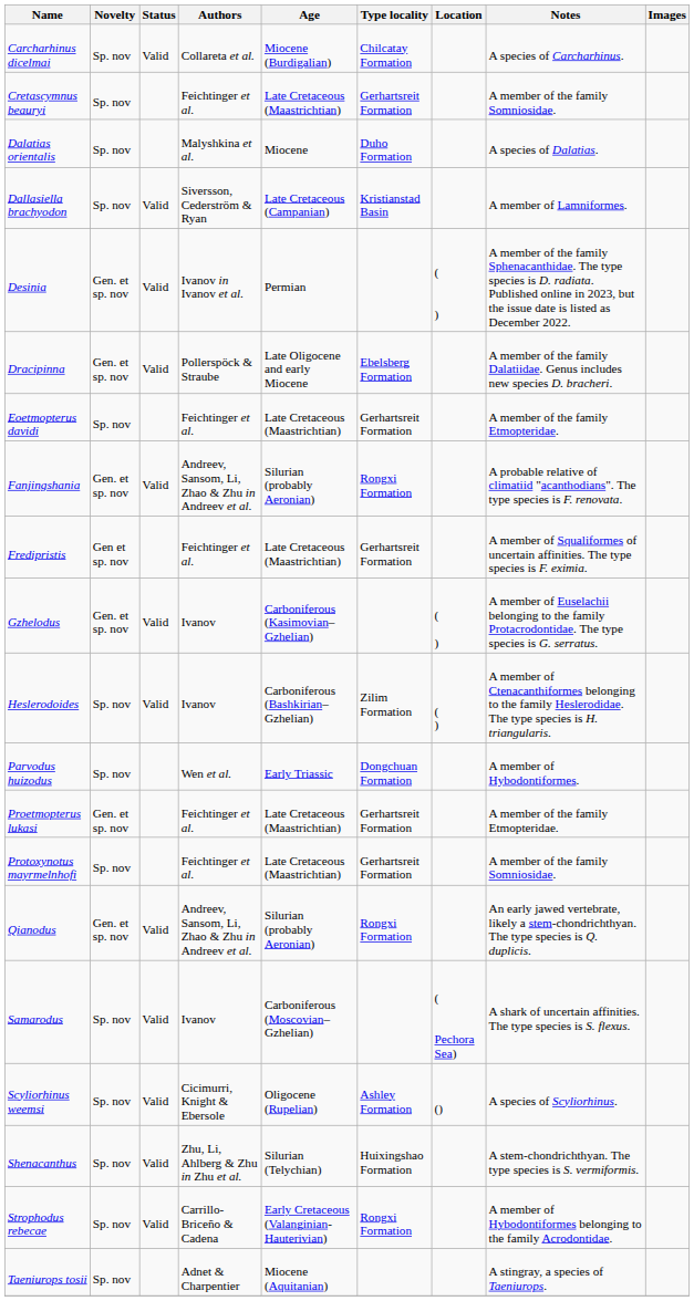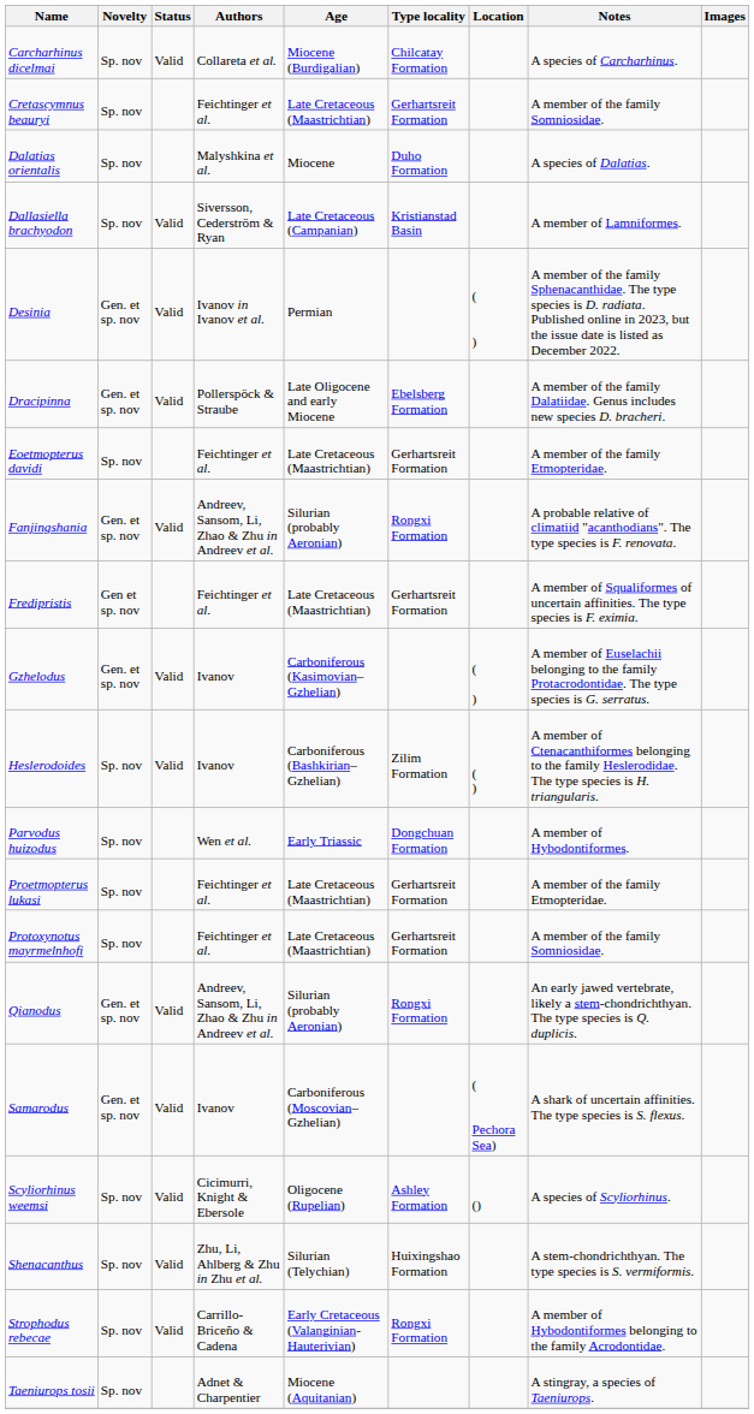 <table class="wikitable sortable" align="center" width="100%">
 <tr>
 <th>Name</th>
 <th>Novelty</th>
 <th>Status</th>
 <th>Authors</th>
 <th>Age</th>
 <th>Type locality</th>
 <th>Location</th>
 <th>Notes</th>
 <th>Images</th>
 </tr>
 <tr>
 <td><br><em><a href='#'>Carcharhinus dicelmai</a></em></td>
 <td><br>Sp. nov</td>
 <td><br>Valid</td>
 <td><br>Collareta <em>et al.</em></td>
 <td><br><a href='#'>Miocene</a> (<a href='#'>Burdigalian</a>)</td>
 <td><br><a href='#'>Chilcatay Formation</a></td>
 <td><br></td>
 <td><br>A species of <em><a href='#'>Carcharhinus</a></em>.</td>
 <td></td>
 </tr>
 <tr>
 <td><br><em><a href='#'>Cretascymnus beauryi</a></em></td>
 <td><br>Sp. nov</td>
 <td></td>
 <td><br>Feichtinger <em>et al.</em></td>
 <td><br><a href='#'>Late Cretaceous</a> (<a href='#'>Maastrichtian</a>)</td>
 <td><br><a href='#'>Gerhartsreit Formation</a></td>
 <td><br></td>
 <td><br>A member of the family <a href='#'>Somniosidae</a>.</td>
 <td></td>
 </tr>
 <tr>
 <td><br><em><a href='#'>Dalatias orientalis</a></em></td>
 <td><br>Sp. nov</td>
 <td></td>
 <td><br>Malyshkina <em>et al.</em></td>
 <td><br>Miocene</td>
 <td><br><a href='#'>Duho Formation</a></td>
 <td><br></td>
 <td><br>A species of <em><a href='#'>Dalatias</a></em>.</td>
 <td></td>
 </tr>
 <tr>
 <td><br><em><a href='#'>Dallasiella brachyodon</a></em></td>
 <td><br>Sp. nov</td>
 <td><br>Valid</td>
 <td><br>Siversson, Cederström & Ryan</td>
 <td><br><a href='#'>Late Cretaceous</a> (<a href='#'>Campanian</a>)</td>
 <td><br><a href='#'>Kristianstad Basin</a></td>
 <td><br></td>
 <td><br>A member of <a href='#'>Lamniformes</a>.</td>
 <td></td>
 </tr>
 <tr>
 <td><br><em><a href='#'>Desinia</a></em></td>
 <td><br>Gen. et sp. nov</td>
 <td><br>Valid</td>
 <td><br>Ivanov <em>in</em> Ivanov <em>et al.</em></td>
 <td><br>Permian</td>
 <td></td>
 <td><br><br>(<br><br><br>)</td>
 <td><br>A member of the family <a href='#'>Sphenacanthidae</a>. The type species is <em>D. radiata</em>. Published online in 2023, but the issue date is listed as December 2022.</td>
 <td></td>
 </tr>
 <tr>
 <td><br><em><a href='#'>Dracipinna</a></em></td>
 <td><br>Gen. et sp. nov</td>
 <td><br>Valid</td>
 <td><br>Pollerspöck & Straube</td>
 <td><br>Late Oligocene and early Miocene</td>
 <td><br><a href='#'>Ebelsberg Formation</a></td>
 <td><br><br> </td>
 <td><br>A member of the family <a href='#'>Dalatiidae</a>. Genus includes new species <em>D. bracheri</em>.</td>
 <td></td>
 </tr>
 <tr>
 <td><br><em><a href='#'>Eoetmopterus davidi</a></em></td>
 <td><br>Sp. nov</td>
 <td></td>
 <td><br>Feichtinger <em>et al.</em></td>
 <td><br>Late Cretaceous (Maastrichtian)</td>
 <td><br>Gerhartsreit Formation</td>
 <td><br></td>
 <td><br>A member of the family <a href='#'>Etmopteridae</a>.</td>
 <td></td>
 </tr>
 <tr>
 <td><br><em><a href='#'>Fanjingshania</a></em></td>
 <td><br>Gen. et sp. nov</td>
 <td><br>Valid</td>
 <td><br>Andreev, Sansom, Li, Zhao & Zhu <em>in</em> Andreev <em>et al.</em></td>
 <td><br>Silurian (probably <a href='#'>Aeronian</a>)</td>
 <td><br><a href='#'>Rongxi Formation</a></td>
 <td><br></td>
 <td><br>A probable relative of <a href='#'>climatiid</a> "<a href='#'>acanthodians</a>". The type species is <em>F. renovata</em>.</td>
 <td><br></td>
 </tr>
 <tr>
 <td><br><em><a href='#'>Fredipristis</a></em></td>
 <td><br>Gen et sp. nov</td>
 <td></td>
 <td><br>Feichtinger <em>et al.</em></td>
 <td><br>Late Cretaceous (Maastrichtian)</td>
 <td><br>Gerhartsreit Formation</td>
 <td><br></td>
 <td><br>A member of <a href='#'>Squaliformes</a> of uncertain affinities. The type species is <em>F. eximia</em>.</td>
 <td></td>
 </tr>
 <tr>
 <td><br><em><a href='#'>Gzhelodus</a></em></td>
 <td><br>Gen. et sp. nov</td>
 <td><br>Valid</td>
 <td><br>Ivanov</td>
 <td><br><a href='#'>Carboniferous</a> (<a href='#'>Kasimovian</a>–<a href='#'>Gzhelian</a>)</td>
 <td></td>
 <td><br><br>(<br><br>)</td>
 <td><br>A member of <a href='#'>Euselachii</a> belonging to the family <a href='#'>Protacrodontidae</a>. The type species is <em>G. serratus</em>.</td>
 <td></td>
 </tr>
 <tr>
 <td><br><em><a href='#'>Heslerodoides</a></em></td>
 <td><br>Sp. nov</td>
 <td><br>Valid</td>
 <td><br>Ivanov</td>
 <td><br>Carboniferous (<a href='#'>Bashkirian</a>–Gzhelian)</td>
 <td><br>Zilim Formation</td>
 <td><br><br><br>(<br>)</td>
 <td><br>A member of <a href='#'>Ctenacanthiformes</a> belonging to the family <a href='#'>Heslerodidae</a>. The type species is <em>H. triangularis</em>.</td>
 <td></td>
 </tr>
 <tr>
 <td><br><em><a href='#'>Parvodus huizodus</a></em></td>
 <td><br>Sp. nov</td>
 <td></td>
 <td><br>Wen <em>et al.</em></td>
 <td><br><a href='#'>Early Triassic</a></td>
 <td><br><a href='#'>Dongchuan Formation</a></td>
 <td><br></td>
 <td><br>A member of <a href='#'>Hybodontiformes</a>.</td>
 <td></td>
 </tr>
 <tr>
 <td><br><em><a href='#'>Proetmopterus lukasi</a></em></td>
-<td><br>Gen. et sp. nov</td>
+<td><br>Sp. nov</td>
 <td></td>
 <td><br>Feichtinger <em>et al.</em></td>
 <td><br>Late Cretaceous (Maastrichtian)</td>
 <td><br>Gerhartsreit Formation</td>
 <td><br></td>
 <td><br>A member of the family Etmopteridae.</td>
 <td></td>
 </tr>
 <tr>
 <td><br><em><a href='#'>Protoxynotus mayrmelnhofi</a></em></td>
 <td><br>Sp. nov</td>
 <td></td>
 <td><br>Feichtinger <em>et al.</em></td>
 <td><br>Late Cretaceous (Maastrichtian)</td>
 <td><br>Gerhartsreit Formation</td>
 <td><br></td>
 <td><br>A member of the family <a href='#'>Somniosidae</a>.</td>
 <td></td>
 </tr>
 <tr>
 <td><br><em><a href='#'>Qianodus</a></em></td>
 <td><br>Gen. et sp. nov</td>
 <td><br>Valid</td>
 <td><br>Andreev, Sansom, Li, Zhao & Zhu <em>in</em> Andreev <em>et al.</em></td>
 <td><br>Silurian (probably <a href='#'>Aeronian</a>)</td>
 <td><br><a href='#'>Rongxi Formation</a></td>
 <td><br></td>
 <td><br>An early jawed vertebrate, likely a <a href='#'>stem</a>-chondrichthyan. The type species is <em>Q. duplicis</em>.</td>
 <td><br></td>
 </tr>
 <tr>
 <td><br><em><a href='#'>Samarodus</a></em></td>
-<td><br>Sp. nov</td>
+<td><br>Gen. et sp. nov</td>
 <td><br>Valid</td>
 <td><br>Ivanov</td>
 <td><br>Carboniferous (<a href='#'>Moscovian</a>–Gzhelian)</td>
 <td></td>
 <td><br><br>(<br><br><br><a href='#'>Pechora Sea</a>)</td>
 <td><br>A shark of uncertain affinities. The type species is <em>S. flexus</em>.</td>
 <td></td>
 </tr>
 <tr>
 <td><br><em><a href='#'>Scyliorhinus weemsi</a></em></td>
 <td><br>Sp. nov</td>
 <td><br>Valid</td>
 <td><br>Cicimurri, Knight & Ebersole</td>
 <td><br>Oligocene (<a href='#'>Rupelian</a>)</td>
 <td><br><a href='#'>Ashley Formation</a></td>
 <td><br><br>()</td>
 <td><br>A species of <em><a href='#'>Scyliorhinus</a></em>.</td>
 <td></td>
 </tr>
 <tr>
 <td><br><em><a href='#'>Shenacanthus</a></em></td>
 <td><br>Sp. nov</td>
 <td><br>Valid</td>
 <td><br>Zhu, Li, Ahlberg & Zhu <em>in</em> Zhu <em>et al.</em></td>
 <td><br>Silurian (Telychian)</td>
 <td><br>Huixingshao Formation</td>
 <td><br></td>
 <td><br>A stem-chondrichthyan. The type species is <em>S. vermiformis</em>.</td>
 <td></td>
 </tr>
 <tr>
 <td><br><em><a href='#'>Strophodus rebecae</a></em></td>
 <td><br>Sp. nov</td>
 <td><br>Valid</td>
 <td><br>Carrillo-Briceño & Cadena</td>
 <td><br><a href='#'>Early Cretaceous</a> (<a href='#'>Valanginian</a>-<a href='#'>Hauterivian</a>)</td>
 <td><br><a href='#'>Rongxi Formation</a></td>
 <td><br></td>
 <td><br>A member of <a href='#'>Hybodontiformes</a> belonging to the family <a href='#'>Acrodontidae</a>.</td>
 <td></td>
 </tr>
 <tr>
 <td><br><em><a href='#'>Taeniurops tosii</a></em></td>
 <td><br>Sp. nov</td>
 <td></td>
 <td><br>Adnet & Charpentier</td>
 <td><br>Miocene (<a href='#'>Aquitanian</a>)</td>
 <td></td>
 <td><br></td>
 <td><br>A stingray, a species of <em><a href='#'>Taeniurops</a></em>.</td>
 <td></td>
 </tr>
 <tr>
 </tr>
 </table>
